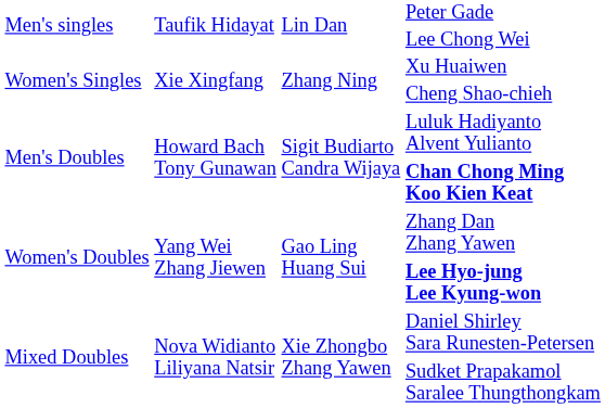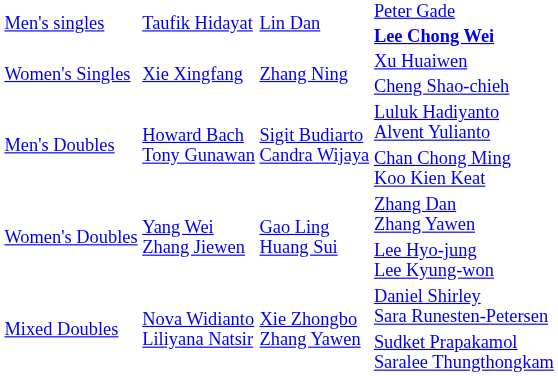 <table>
 <tr>
 <td rowspan=2><a href='#'>Men's singles</a></td>
 <td rowspan=2> <a href='#'>Taufik Hidayat</a></td>
 <td rowspan=2> <a href='#'>Lin Dan</a></td>
 <td> <a href='#'>Peter Gade</a></td>
 </tr>
 <tr>
-<td> <a href='#'>Lee Chong Wei</a></td>
+<td><strong> <a href='#'>Lee Chong Wei</a></strong></td>
 </tr>
 <tr>
 <td rowspan=2><a href='#'>Women's Singles</a></td>
 <td rowspan=2> <a href='#'>Xie Xingfang</a></td>
 <td rowspan=2> <a href='#'>Zhang Ning</a></td>
 <td> <a href='#'>Xu Huaiwen</a></td>
 </tr>
 <tr>
 <td> <a href='#'>Cheng Shao-chieh</a></td>
 </tr>
 <tr>
 <td rowspan=2><a href='#'>Men's Doubles</a></td>
 <td rowspan=2> <a href='#'>Howard Bach</a><br> <a href='#'>Tony Gunawan</a></td>
 <td rowspan=2> <a href='#'>Sigit Budiarto</a><br> <a href='#'>Candra Wijaya</a></td>
 <td> <a href='#'>Luluk Hadiyanto</a><br> <a href='#'>Alvent Yulianto</a></td>
 </tr>
 <tr>
-<td><strong> <a href='#'>Chan Chong Ming</a><br> <a href='#'>Koo Kien Keat</a></strong></td>
+<td> <a href='#'>Chan Chong Ming</a><br> <a href='#'>Koo Kien Keat</a></td>
 </tr>
 <tr>
 <td rowspan=2><a href='#'>Women's Doubles</a></td>
 <td rowspan=2> <a href='#'>Yang Wei</a><br> <a href='#'>Zhang Jiewen</a></td>
 <td rowspan=2> <a href='#'>Gao Ling</a><br> <a href='#'>Huang Sui</a></td>
 <td> <a href='#'>Zhang Dan</a><br> <a href='#'>Zhang Yawen</a></td>
 </tr>
 <tr>
-<td><strong> <a href='#'>Lee Hyo-jung</a><br>  <a href='#'>Lee Kyung-won</a></strong></td>
+<td> <a href='#'>Lee Hyo-jung</a><br>  <a href='#'>Lee Kyung-won</a></td>
 </tr>
 <tr>
 <td rowspan=2><a href='#'>Mixed Doubles</a></td>
 <td rowspan=2> <a href='#'>Nova Widianto</a><br> <a href='#'>Liliyana Natsir</a></td>
 <td rowspan=2> <a href='#'>Xie Zhongbo</a><br> <a href='#'>Zhang Yawen</a></td>
 <td> <a href='#'>Daniel Shirley</a><br> <a href='#'>Sara Runesten-Petersen</a></td>
 </tr>
 <tr>
 <td> <a href='#'>Sudket Prapakamol</a><br> <a href='#'>Saralee Thungthongkam</a></td>
 </tr>
 </table>
